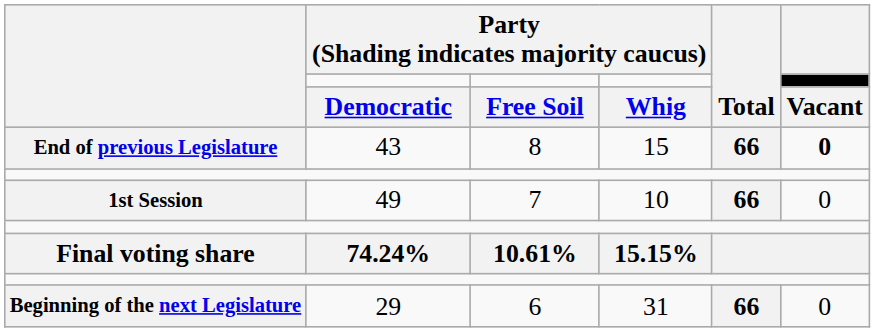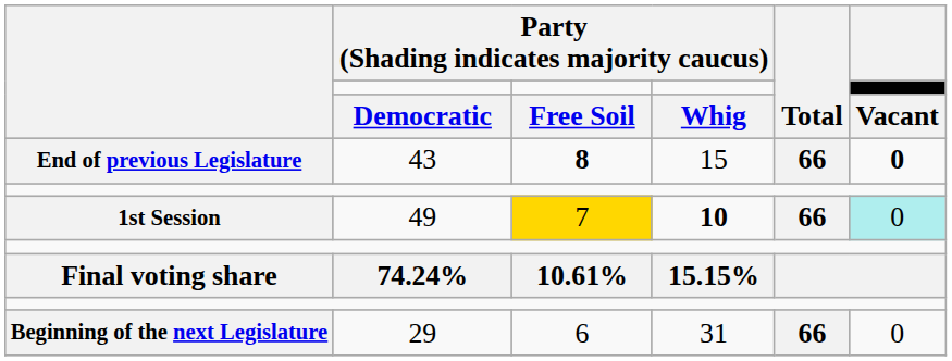 <table class=wikitable style="text-align:center">
 <tr style="vertical-align:bottom;">
 <th rowspan=3></th>
 <th colspan=3>Party <div>(Shading indicates majority caucus)</div></th>
 <th rowspan=3>Total</th>
 <th></th>
 </tr>
 <tr style="height:5px">
 <td style="background-color:"></td>
 <td style="background-color:"></td>
 <td style="background-color:"></td>
 <td style="background:black;"></td>
 </tr>
 <tr>
 <th><a href='#'>Democratic</a></th>
 <th><a href='#'>Free Soil</a></th>
 <th><a href='#'>Whig</a></th>
 <th>Vacant</th>
 </tr>
 <tr>
 <th style="font-size:80%;">End of <a href='#'>previous Legislature</a></th>
 <td>43</td>
-<td>8</td>
+<td><strong>8</strong></td>
 <td>15</td>
 <th>66</th>
 <td><strong>0</strong></td>
 </tr>
 <tr>
 <td colspan=6></td>
 </tr>
 <tr>
 <th style="font-size:80%;">1st Session</th>
 <td>49</td>
-<td>7</td>
-<td>10</td>
+<td style="background: gold;">7</td>
+<td><strong>10</strong></td>
 <th>66</th>
-<td>0</td>
+<td style="background: paleturquoise;">0</td>
 </tr>
 <tr>
 <td colspan=6></td>
 </tr>
 <tr>
 <th>Final voting share</th>
 <th>74.24%</th>
 <th>10.61%</th>
 <th>15.15%</th>
 <th colspan=2></th>
 </tr>
 <tr>
 <td colspan=6></td>
 </tr>
 <tr>
 <th style="font-size:80%;">Beginning of the <a href='#'>next Legislature</a></th>
 <td>29</td>
 <td>6</td>
 <td>31</td>
 <th>66</th>
 <td>0</td>
 </tr>
 </table>
